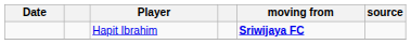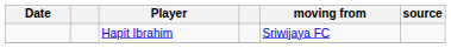 <table class="wikitable sortable">
 <tr>
 <th style="width:80px;">Date</th>
 <th style="width:30px;"></th>
 <th style="width:180px;">Player</th>
 <th style="width:20px;"></th>
 <th style="width:180px;">moving from</th>
 <th style="width:20px;">source</th>
 </tr>
 <tr>
 <td></td>
 <td align=center></td>
 <td> <a href='#'>Hapit Ibrahim</a></td>
 <td align=center></td>
-<td><strong> <a href='#'>Sriwijaya FC</a></strong></td>
+<td> <a href='#'>Sriwijaya FC</a></td>
 <td></td>
 </tr>
 <tr>
 </tr>
 </table>
